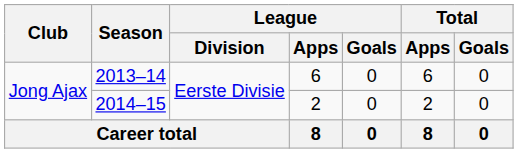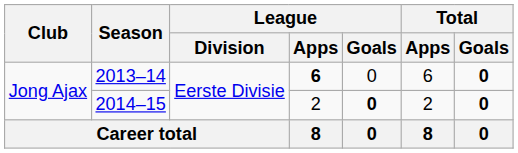 <table class="wikitable" style="text-align:center">
 <tr>
 <th rowspan=2>Club</th>
 <th rowspan=2>Season</th>
 <th colspan=3>League</th>
 <th colspan=2>Total</th>
 </tr>
 <tr>
 <th>Division</th>
 <th>Apps</th>
 <th>Goals</th>
 <th>Apps</th>
 <th>Goals</th>
 </tr>
 <tr>
 <td rowspan=2><a href='#'>Jong Ajax</a></td>
 <td><a href='#'>2013–14</a></td>
 <td rowspan=2><a href='#'>Eerste Divisie</a></td>
-<td>6</td>
+<td><strong>6</strong></td>
 <td>0</td>
 <td>6</td>
-<td>0</td>
+<td><strong>0</strong></td>
 </tr>
 <tr>
 <td><a href='#'>2014–15</a></td>
 <td>2</td>
-<td>0</td>
+<td><strong>0</strong></td>
 <td>2</td>
-<td>0</td>
+<td><strong>0</strong></td>
 </tr>
 <tr>
 <th colspan=3>Career total</th>
 <th>8</th>
 <th>0</th>
 <th>8</th>
 <th>0</th>
 </tr>
 </table>
